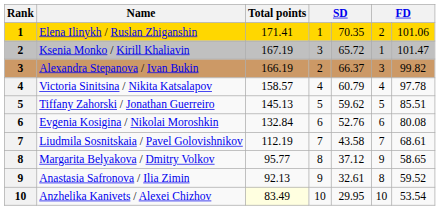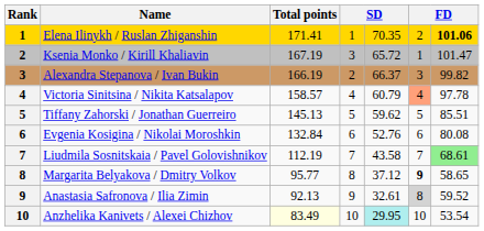 <table class="wikitable sortable">
 <tr>
 <th>Rank</th>
 <th>Name</th>
 <th>Total points</th>
 <th colspan="2" width="80px"><a href='#'>SD</a></th>
 <th colspan="2" width="80px"><a href='#'>FD</a></th>
 </tr>
 <tr bgcolor="gold">
 <td align="center"><strong>1</strong></td>
 <td><a href='#'>Elena Ilinykh</a> / <a href='#'>Ruslan Zhiganshin</a></td>
 <td align="center">171.41</td>
 <td align="center">1</td>
 <td align="center">70.35</td>
 <td align="center">2</td>
-<td align="center">101.06</td>
+<td align="center"><strong>101.06</strong></td>
 </tr>
 <tr bgcolor="silver">
 <td align="center"><strong>2</strong></td>
 <td><a href='#'>Ksenia Monko</a> / <a href='#'>Kirill Khaliavin</a></td>
 <td align="center">167.19</td>
 <td align="center">3</td>
 <td align="center">65.72</td>
 <td align="center">1</td>
 <td align="center">101.47</td>
 </tr>
 <tr bgcolor="cc9966">
 <td align="center"><strong>3</strong></td>
 <td><a href='#'>Alexandra Stepanova</a> / <a href='#'>Ivan Bukin</a></td>
 <td align="center">166.19</td>
 <td align="center">2</td>
 <td align="center">66.37</td>
 <td align="center">3</td>
 <td align="center">99.82</td>
 </tr>
 <tr>
 <th>4</th>
 <td><a href='#'>Victoria Sinitsina</a> / <a href='#'>Nikita Katsalapov</a></td>
 <td align="center">158.57</td>
 <td align="center">4</td>
 <td align="center">60.79</td>
-<td align="center">4</td>
+<td align="center" style="background: lightsalmon;">4</td>
 <td align="center">97.78</td>
 </tr>
 <tr>
 <th>5</th>
 <td><a href='#'>Tiffany Zahorski</a> / <a href='#'>Jonathan Guerreiro</a></td>
 <td align="center">145.13</td>
 <td align="center">5</td>
 <td align="center">59.62</td>
 <td align="center">5</td>
 <td align="center">85.51</td>
 </tr>
 <tr>
 <th>6</th>
 <td><a href='#'>Evgenia Kosigina</a> / <a href='#'>Nikolai Moroshkin</a></td>
 <td align="center">132.84</td>
 <td align="center">6</td>
 <td align="center">52.76</td>
 <td align="center">6</td>
 <td align="center">80.08</td>
 </tr>
 <tr>
 <th>7</th>
 <td><a href='#'>Liudmila Sosnitskaia</a> / <a href='#'>Pavel Golovishnikov</a></td>
 <td align="center">112.19</td>
 <td align="center">7</td>
 <td align="center">43.58</td>
 <td align="center">7</td>
-<td align="center">68.61</td>
+<td align="center" style="background: lightgreen;">68.61</td>
 </tr>
 <tr>
 <th>8</th>
 <td><a href='#'>Margarita Belyakova</a> / <a href='#'>Dmitry Volkov</a></td>
 <td align="center">95.77</td>
 <td align="center">8</td>
 <td align="center">37.12</td>
-<td align="center">9</td>
+<td align="center"><strong>9</strong></td>
 <td align="center">58.65</td>
 </tr>
 <tr>
 <th>9</th>
 <td><a href='#'>Anastasia Safronova</a> / <a href='#'>Ilia Zimin</a></td>
 <td align="center">92.13</td>
 <td align="center">9</td>
 <td align="center">32.61</td>
-<td align="center">8</td>
+<td align="center" style="background: lightgrey;">8</td>
 <td align="center">59.52</td>
 </tr>
 <tr>
 <th>10</th>
 <td><a href='#'>Anzhelika Kanivets</a> / <a href='#'>Alexei Chizhov</a></td>
 <td align="center" style="background: lightyellow;">83.49</td>
 <td align="center">10</td>
-<td align="center">29.95</td>
+<td align="center" style="background: paleturquoise;">29.95</td>
 <td align="center">10</td>
 <td align="center">53.54</td>
 </tr>
 </table>
